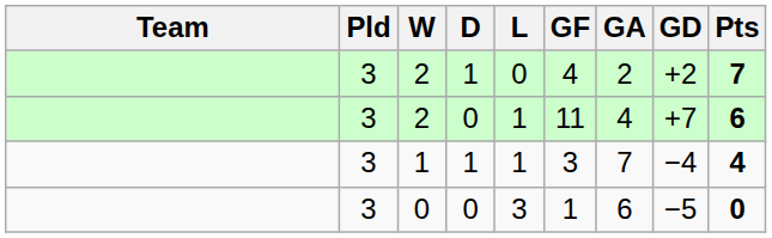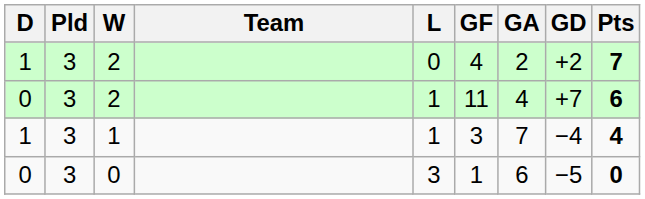 <table class="wikitable" style="text-align:center;">
 <tr>
-<th width=180>Team</th>
+<th width=20>D</th>
 <th width=20>Pld</th>
 <th width=20>W</th>
-<th width=20>D</th>
+<th width=180>Team</th>
 <th width=20>L</th>
 <th width=20>GF</th>
 <th width=20>GA</th>
 <th width=20>GD</th>
 <th width=20>Pts</th>
 </tr>
 <tr bgcolor="ccffcc">
-<td align="left"></td>
+<td>1</td>
 <td>3</td>
 <td>2</td>
-<td>1</td>
+<td align="left"></td>
 <td>0</td>
 <td>4</td>
 <td>2</td>
 <td>+2</td>
 <td><strong>7</strong></td>
 </tr>
 <tr bgcolor="ccffcc">
-<td align="left"></td>
+<td>0</td>
 <td>3</td>
 <td>2</td>
-<td>0</td>
+<td align="left"></td>
 <td>1</td>
 <td>11</td>
 <td>4</td>
 <td>+7</td>
 <td><strong>6</strong></td>
 </tr>
 <tr>
-<td align="left"></td>
+<td>1</td>
 <td>3</td>
 <td>1</td>
-<td>1</td>
+<td align="left"></td>
 <td>1</td>
 <td>3</td>
 <td>7</td>
 <td>−4</td>
 <td><strong>4</strong></td>
 </tr>
 <tr>
-<td align="left"></td>
+<td>0</td>
 <td>3</td>
 <td>0</td>
-<td>0</td>
+<td align="left"></td>
 <td>3</td>
 <td>1</td>
 <td>6</td>
 <td>−5</td>
 <td><strong>0</strong></td>
 </tr>
 </table>
